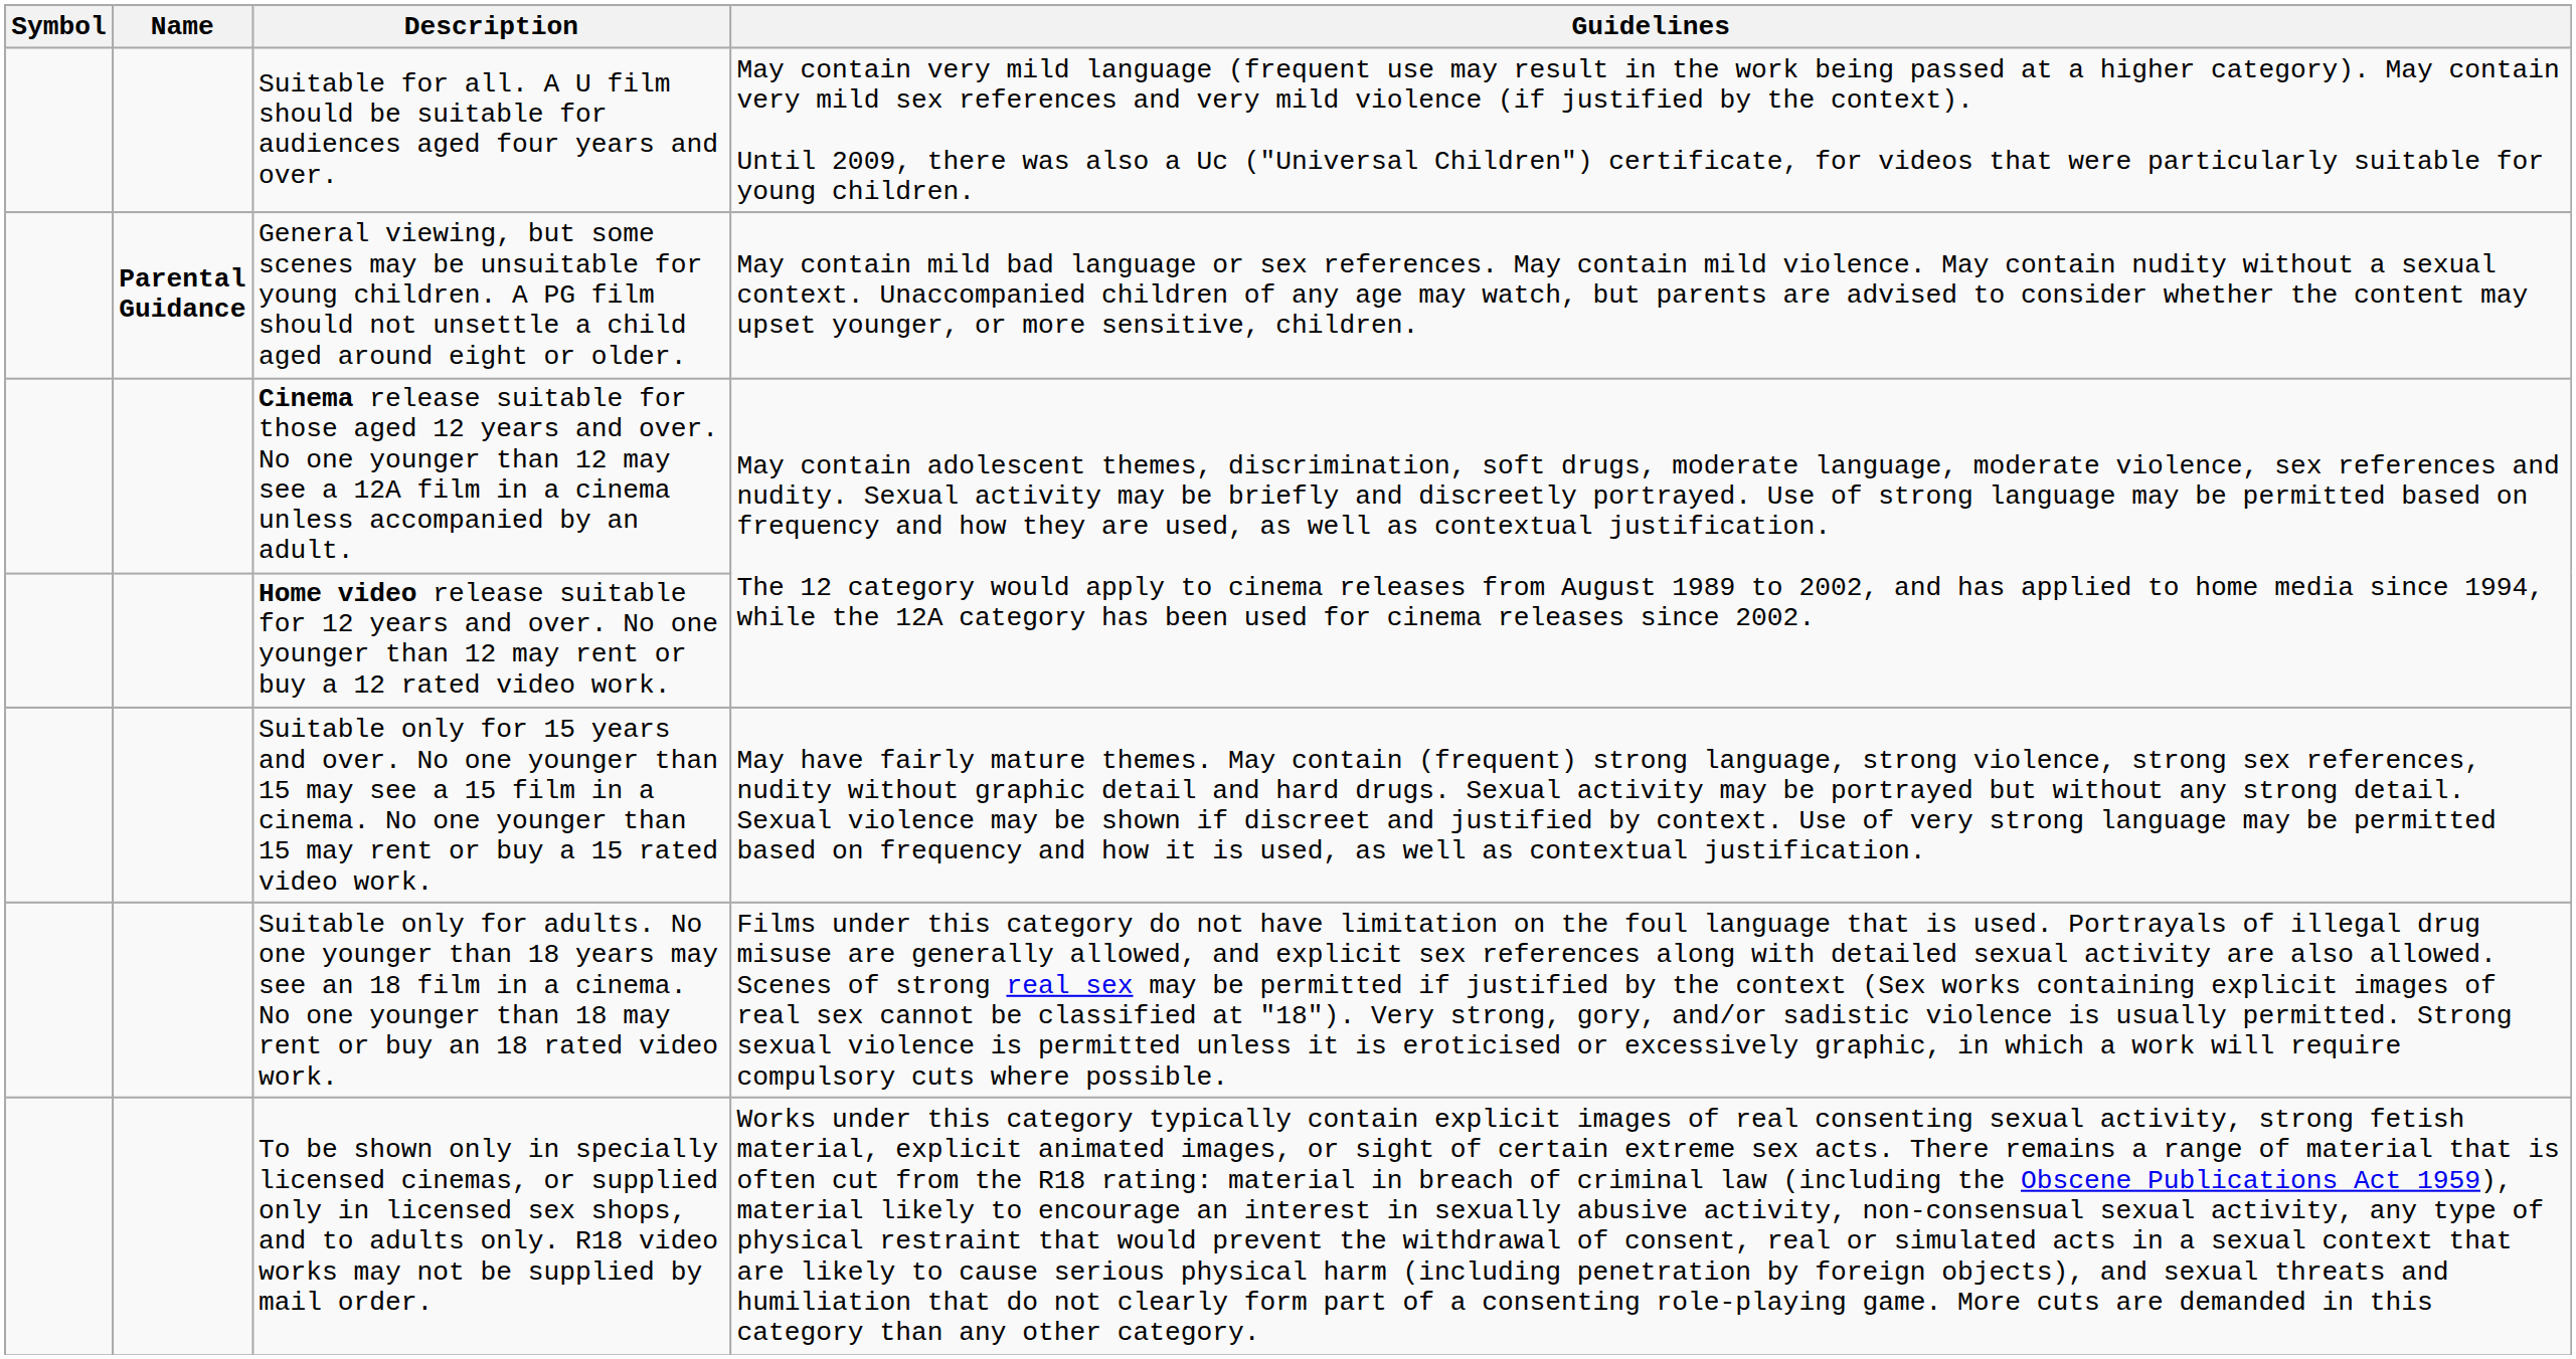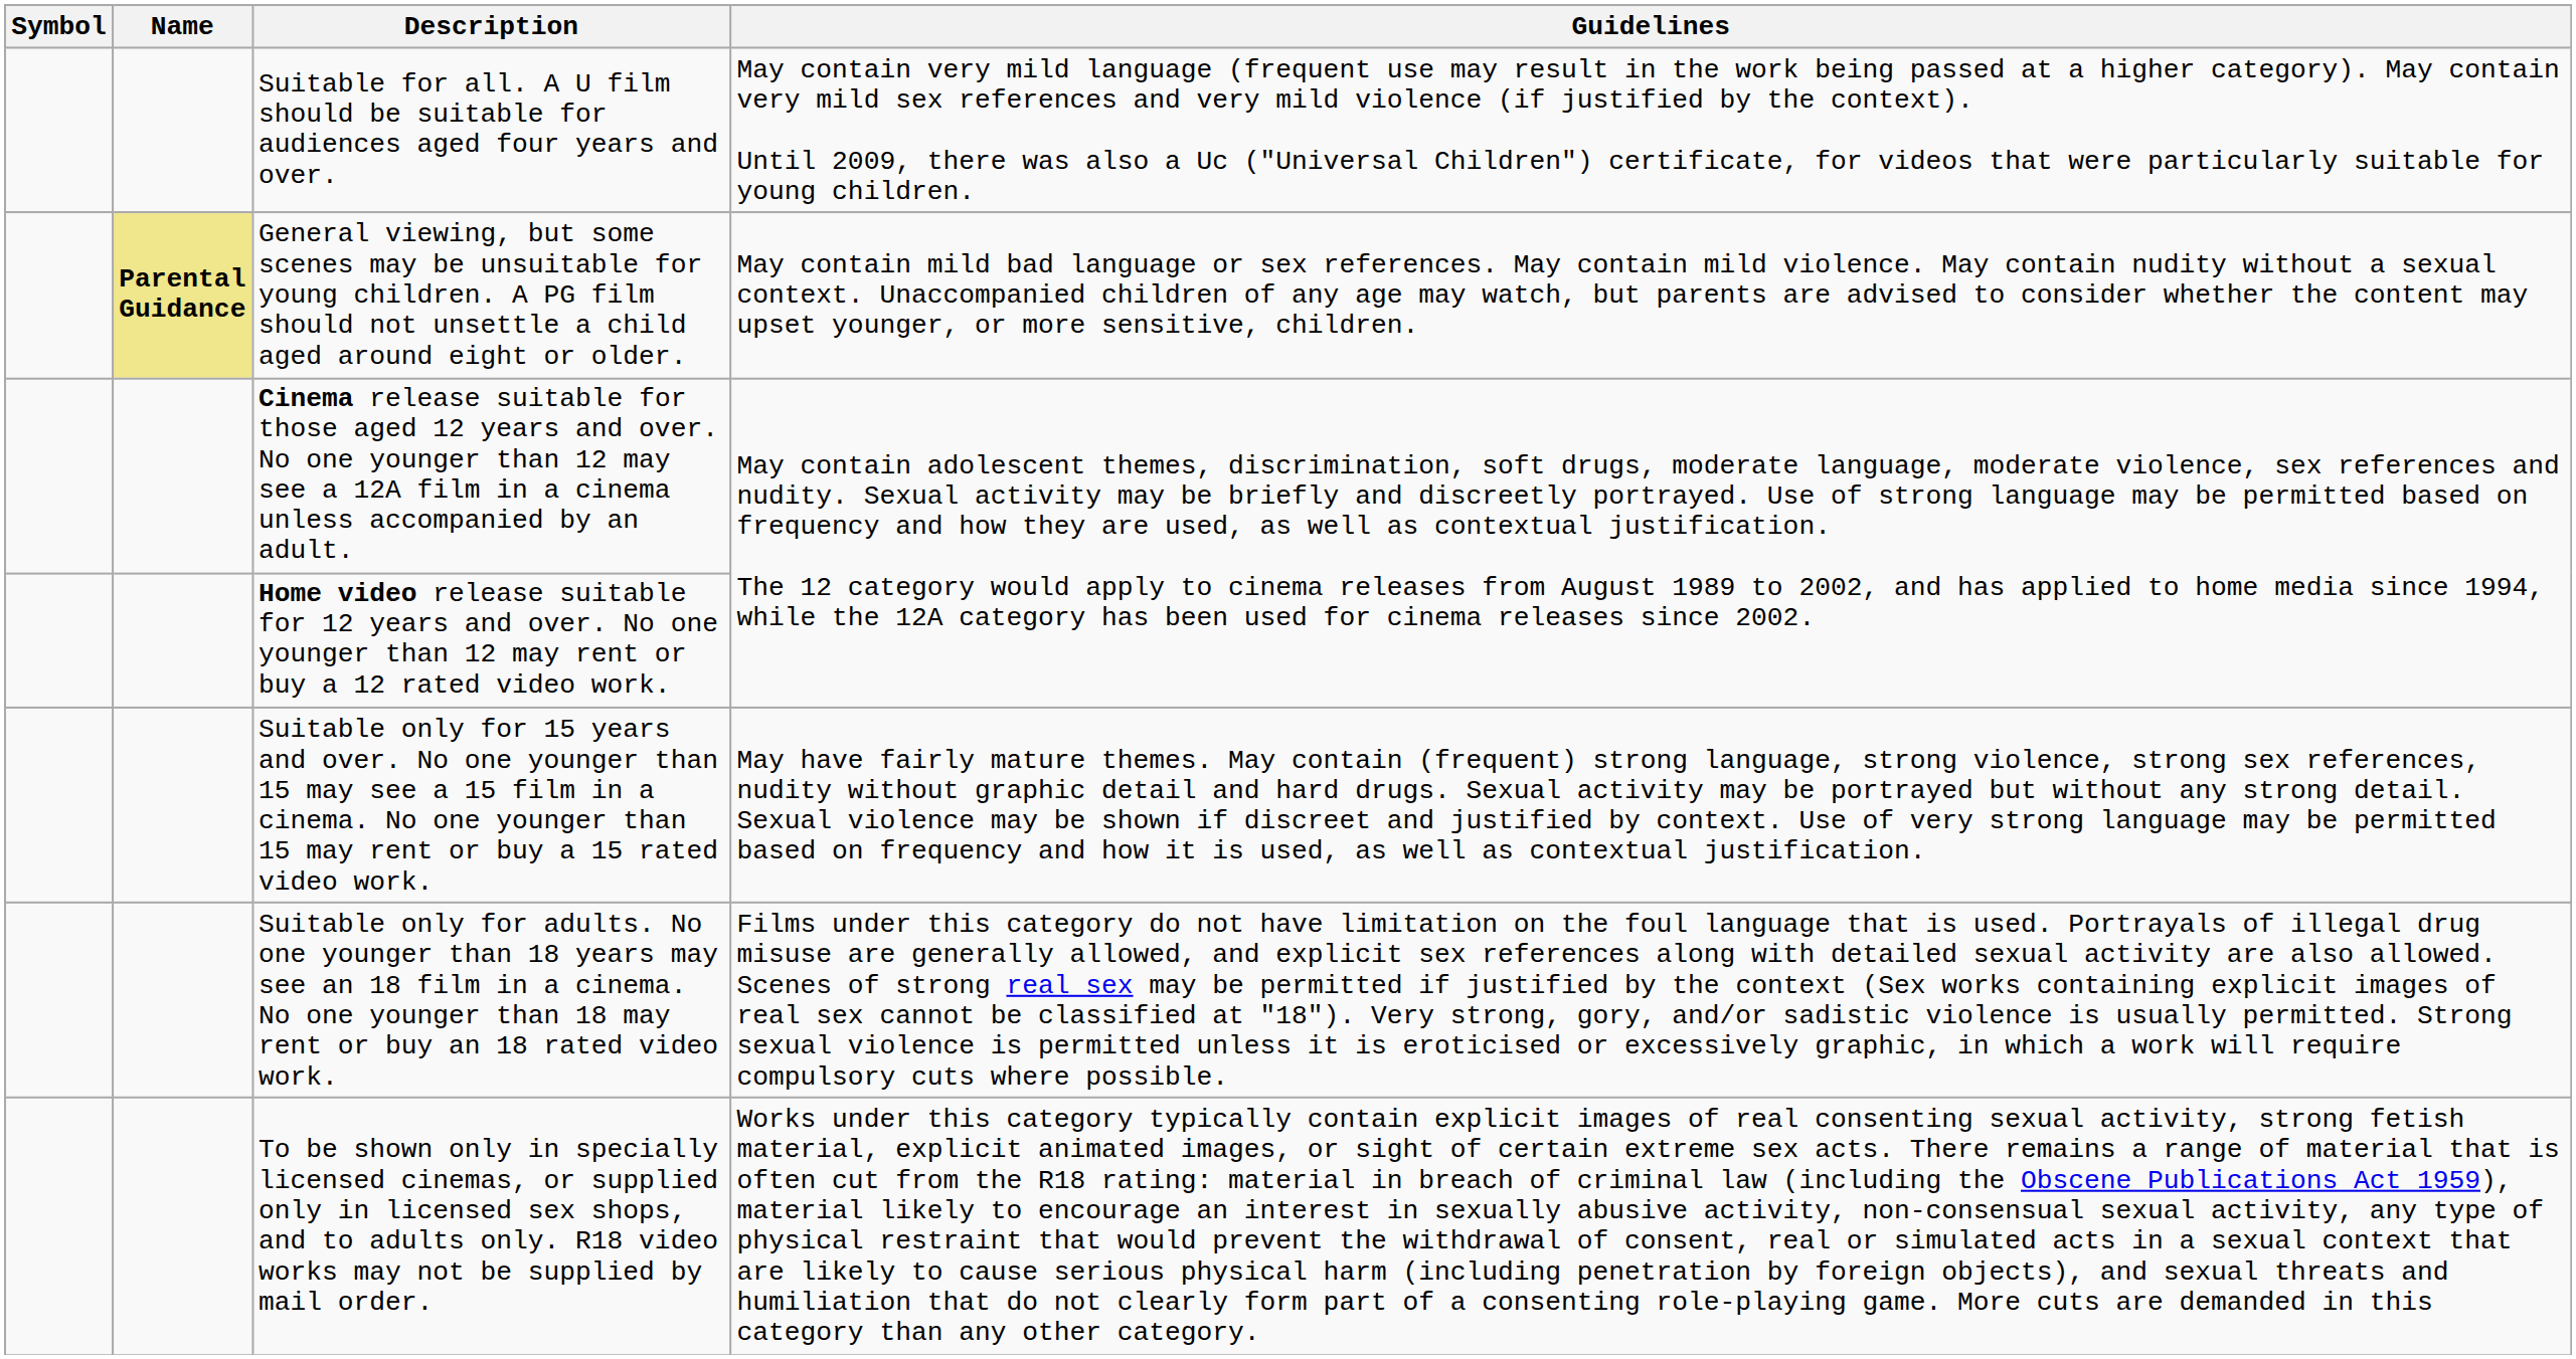 <table class="wikitable" style="width:100%">
 <tr>
 <th>Symbol</th>
 <th>Name</th>
 <th>Description</th>
 <th>Guidelines</th>
 </tr>
 <tr>
 <td align="center"></td>
 <td><strong></strong></td>
 <td>Suitable for all. A U film should be suitable for audiences aged four years and over.</td>
 <td>May contain very mild language (frequent use may result in the work being passed at a higher category). May contain very mild sex references and very mild violence (if justified by the context).<br><br>Until 2009, there was also a Uc ("Universal Children") certificate, for videos that were particularly suitable for young children.</td>
 </tr>
 <tr>
 <td align="center"></td>
-<td><strong>Parental<br>Guidance</strong></td>
+<td style="background: khaki;"><strong>Parental<br>Guidance</strong></td>
 <td>General viewing, but some scenes may be unsuitable for young children. A PG film should not unsettle a child aged around eight or older.</td>
 <td>May contain mild bad language or sex references. May contain mild violence. May contain nudity without a sexual context. Unaccompanied children of any age may watch, but parents are advised to consider whether the content may upset younger, or more sensitive, children.</td>
 </tr>
 <tr>
 <td align="center"></td>
 <td><strong></strong></td>
 <td><strong>Cinema</strong> release suitable for those aged 12 years and over. No one younger than 12 may see a 12A film in a cinema unless accompanied by an adult.</td>
 <td rowspan="2">May contain adolescent themes, discrimination, soft drugs, moderate language, moderate violence, sex references and nudity. Sexual activity may be briefly and discreetly portrayed. Use of strong language may be permitted based on frequency and how they are used, as well as contextual justification.<br><br>The 12 category would apply to cinema releases from August 1989 to 2002, and has applied to home media since 1994, while the 12A category has been used for cinema releases since 2002.</td>
 </tr>
 <tr>
 <td align="center"></td>
 <td><strong></strong></td>
 <td><strong>Home video</strong> release suitable for 12 years and over. No one younger than 12 may rent or buy a 12 rated video work.</td>
 </tr>
 <tr>
 <td align="center"></td>
 <td><strong></strong></td>
 <td>Suitable only for 15 years and over. No one younger than 15 may see a 15 film in a cinema. No one younger than 15 may rent or buy a 15 rated video work.</td>
 <td>May have fairly mature themes. May contain (frequent) strong language, strong violence, strong sex references, nudity without graphic detail and hard drugs. Sexual activity may be portrayed but without any strong detail. Sexual violence may be shown if discreet and justified by context. Use of very strong language may be permitted based on frequency and how it is used, as well as contextual justification.</td>
 </tr>
 <tr>
 <td align="center"></td>
 <td><strong><a href='#'></a></strong></td>
 <td>Suitable only for adults. No one younger than 18 years may see an 18 film in a cinema. No one younger than 18 may rent or buy an 18 rated video work.</td>
 <td>Films under this category do not have limitation on the foul language that is used. Portrayals of illegal drug misuse are generally allowed, and explicit sex references along with detailed sexual activity are also allowed. Scenes of strong <a href='#'>real sex</a> may be permitted if justified by the context (Sex works containing explicit images of real sex cannot be classified at "18"). Very strong, gory, and/or sadistic violence is usually permitted. Strong sexual violence is permitted unless it is eroticised or excessively graphic, in which a work will require compulsory cuts where possible.</td>
 </tr>
 <tr>
 <td align="center"></td>
 <td></td>
 <td>To be shown only in specially licensed cinemas, or supplied only in licensed sex shops, and to adults only. R18 video works may not be supplied by mail order.</td>
 <td>Works under this category typically contain explicit images of real consenting sexual activity, strong fetish material, explicit animated images, or sight of certain extreme sex acts. There remains a range of material that is often cut from the R18 rating: material in breach of criminal law (including the <a href='#'>Obscene Publications Act 1959</a>), material likely to encourage an interest in sexually abusive activity, non-consensual sexual activity, any type of physical restraint that would prevent the withdrawal of consent, real or simulated acts in a sexual context that are likely to cause serious physical harm (including penetration by foreign objects), and sexual threats and humiliation that do not clearly form part of a consenting role-playing game. More cuts are demanded in this category than any other category.</td>
 </tr>
 </table>
